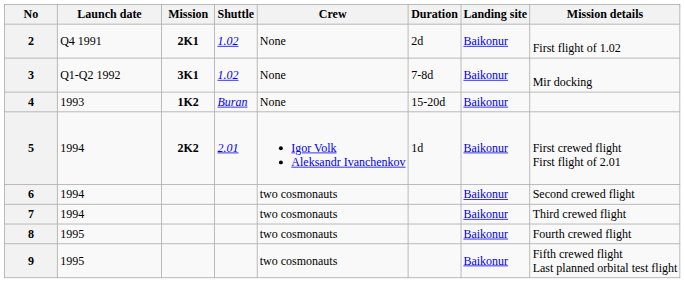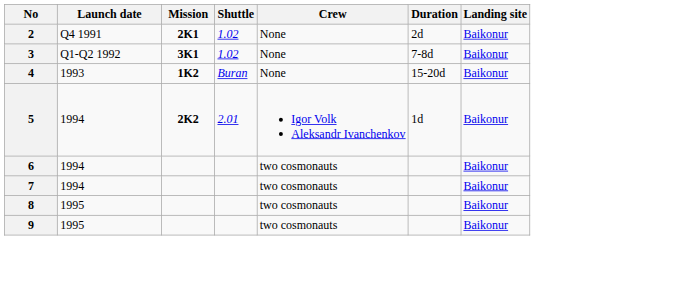 <table class="sortable wikitable" style="font-size:95%;">
 <tr>
 <th scope="col" width="60">No</th>
 <th width="125">Launch date</th>
 <th width="60">Mission</th>
 <th>Shuttle</th>
 <th>Crew</th>
 <th>Duration</th>
 <th>Landing site</th>
-<th class="unsortable">Mission details</th>
 </tr>
 <tr>
 <th scope="row">2</th>
 <td>Q4 1991</td>
 <td align=center><strong>2K1</strong></td>
 <td><em><a href='#'>1.02</a></em></td>
 <td>None</td>
 <td>2d</td>
 <td><a href='#'>Baikonur</a></td>
-<td><br>First flight of 1.02</td>
 </tr>
 <tr>
 <th scope="row">3</th>
 <td>Q1-Q2 1992</td>
 <td align=center><strong>3K1</strong></td>
 <td><em><a href='#'>1.02</a></em></td>
 <td>None</td>
 <td>7-8d</td>
 <td><a href='#'>Baikonur</a></td>
-<td><br>Mir docking</td>
 </tr>
 <tr>
 <th scope="row">4</th>
 <td>1993</td>
 <td align=center><strong>1K2</strong></td>
 <td><em><a href='#'>Buran</a></em></td>
 <td>None</td>
 <td>15-20d</td>
 <td><a href='#'>Baikonur</a></td>
-<td></td>
 </tr>
 <tr>
 <th scope="row">5</th>
 <td>1994</td>
 <td align=center><strong>2K2</strong></td>
 <td><em><a href='#'>2.01</a></em></td>
 <td><br><ul><li><a href='#'>Igor Volk</a></li><li><a href='#'>Aleksandr Ivanchenkov</a></li></ul></td>
 <td>1d</td>
 <td><a href='#'>Baikonur</a></td>
-<td><br>First crewed flight<br> First flight of 2.01</td>
 </tr>
 <tr>
 <th scope="row">6</th>
 <td>1994</td>
 <td></td>
 <td></td>
 <td>two cosmonauts</td>
 <td></td>
 <td><a href='#'>Baikonur</a></td>
-<td>Second crewed flight</td>
 </tr>
 <tr>
 <th scope="row">7</th>
 <td>1994</td>
 <td></td>
 <td></td>
 <td>two cosmonauts</td>
 <td></td>
 <td><a href='#'>Baikonur</a></td>
-<td>Third crewed flight</td>
 </tr>
 <tr>
 <th scope="row">8</th>
 <td>1995</td>
 <td></td>
 <td></td>
 <td>two cosmonauts</td>
 <td></td>
 <td><a href='#'>Baikonur</a></td>
-<td>Fourth crewed flight</td>
 </tr>
 <tr>
 <th scope="row">9</th>
 <td>1995</td>
 <td></td>
 <td></td>
 <td>two cosmonauts</td>
 <td></td>
 <td><a href='#'>Baikonur</a></td>
-<td>Fifth crewed flight<br> Last planned orbital test flight</td>
 </tr>
 </table>
